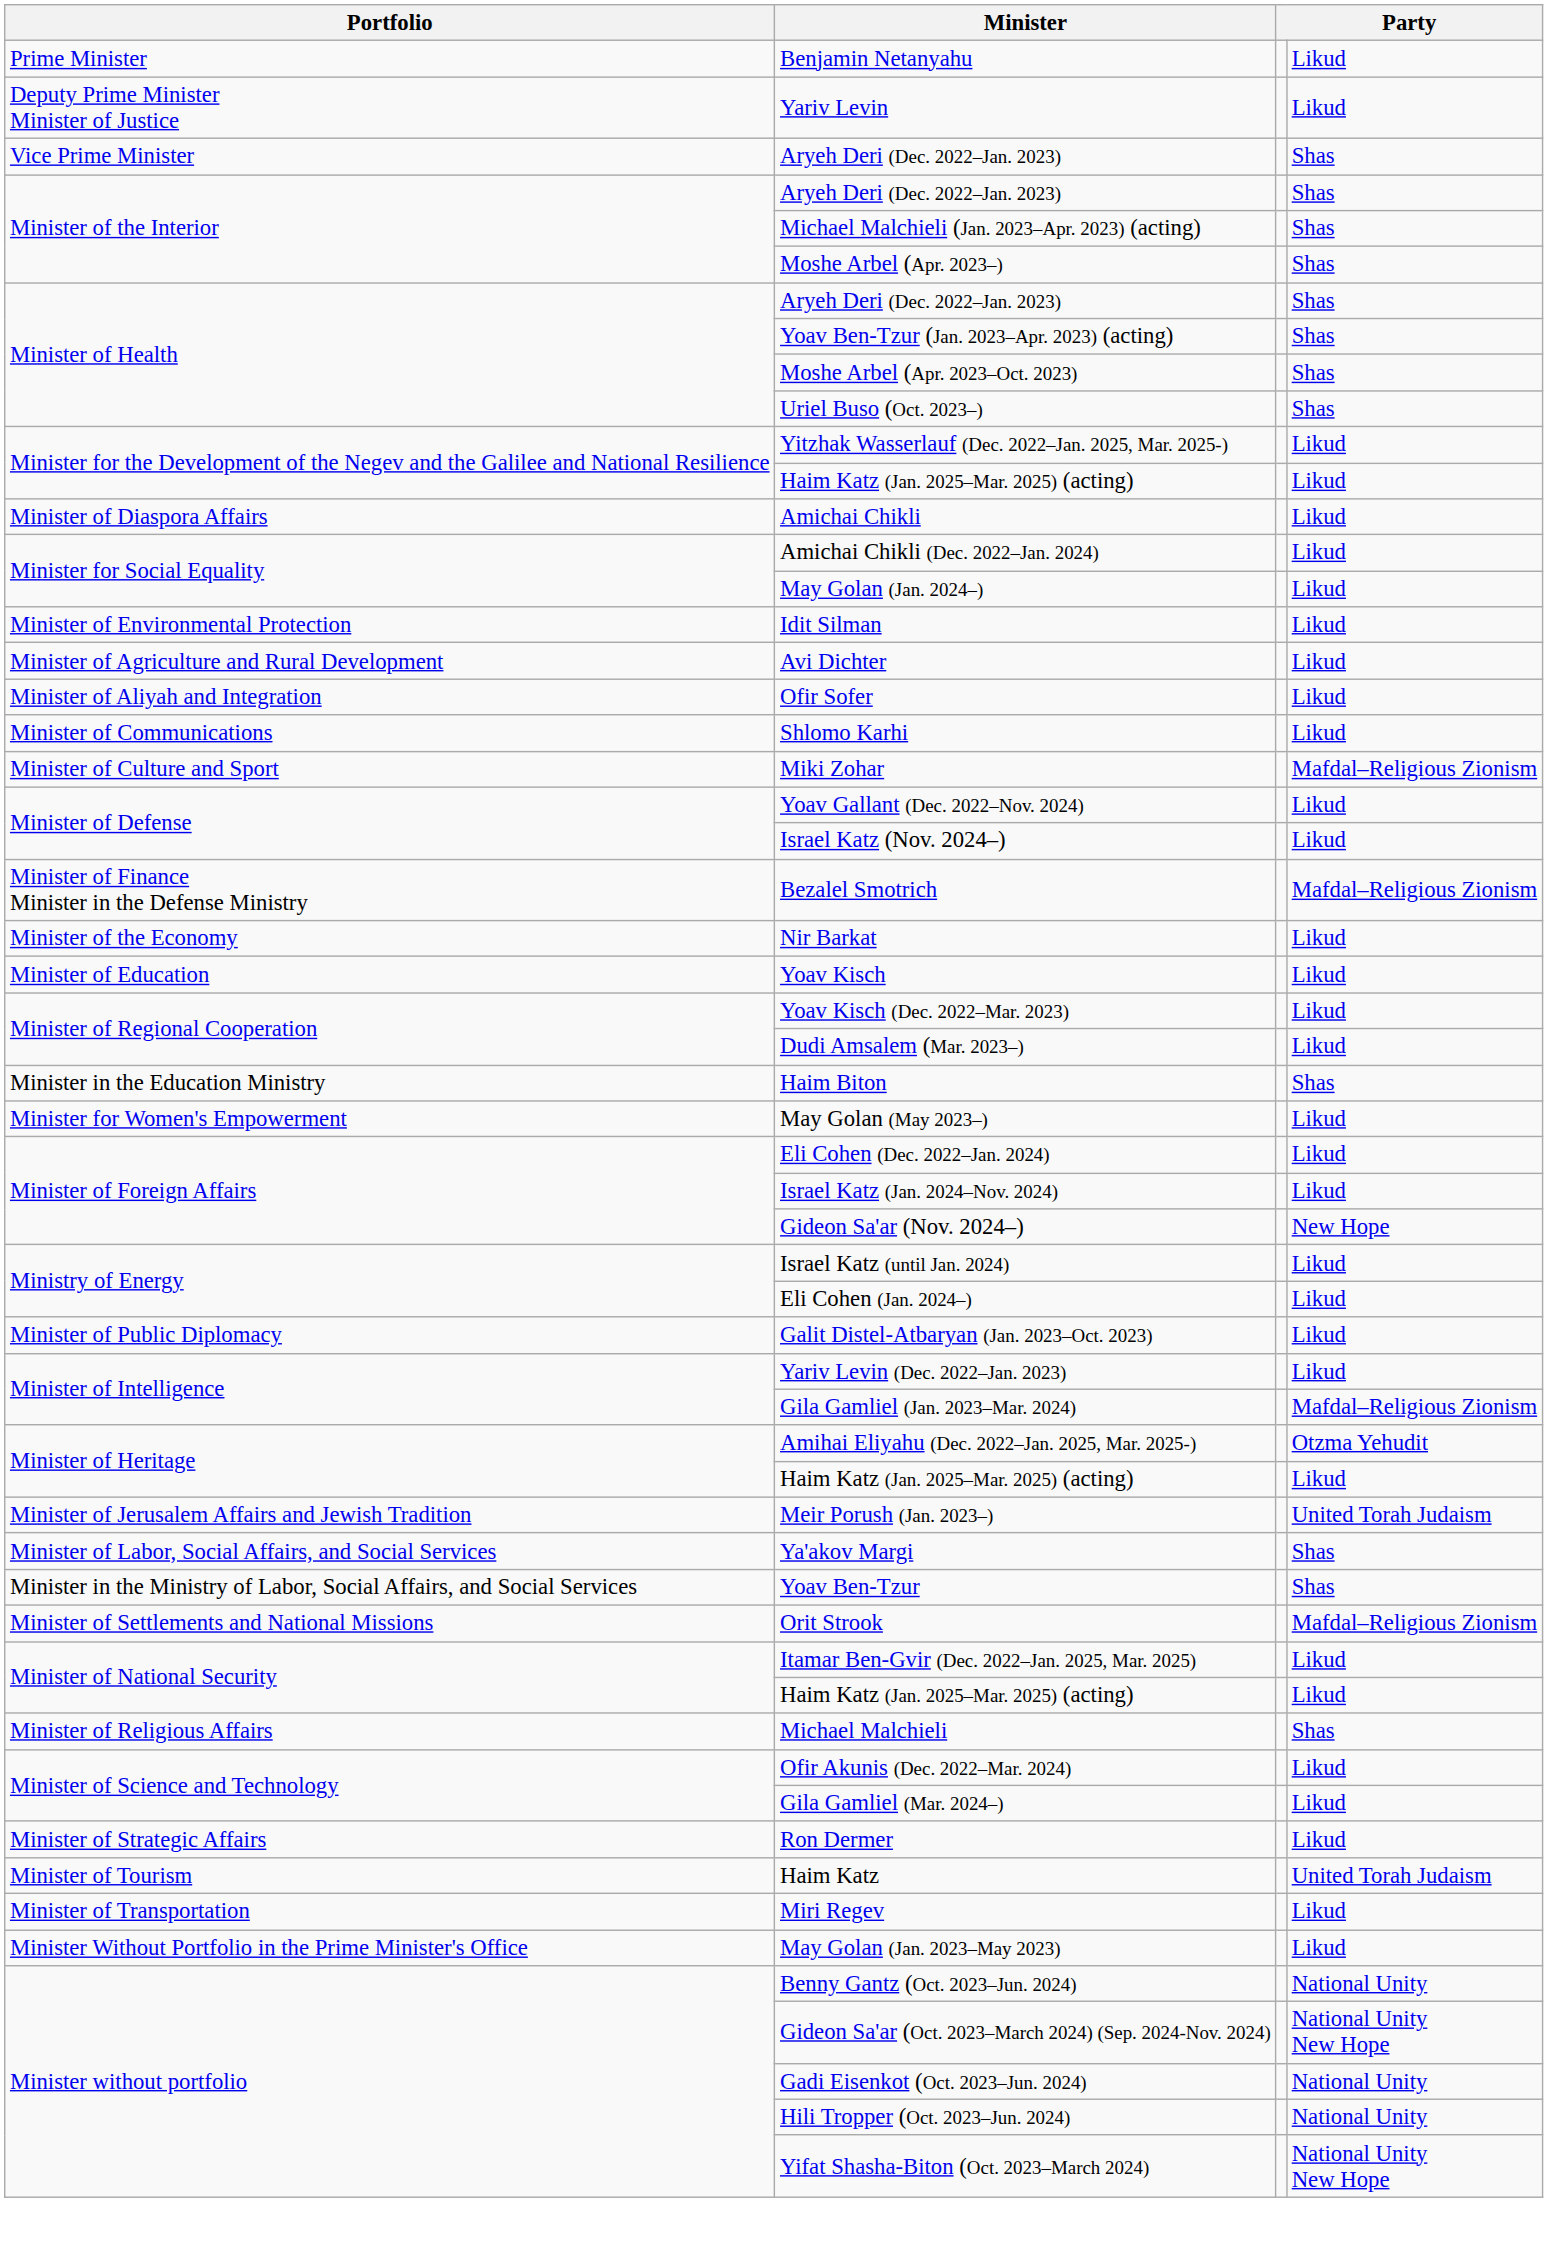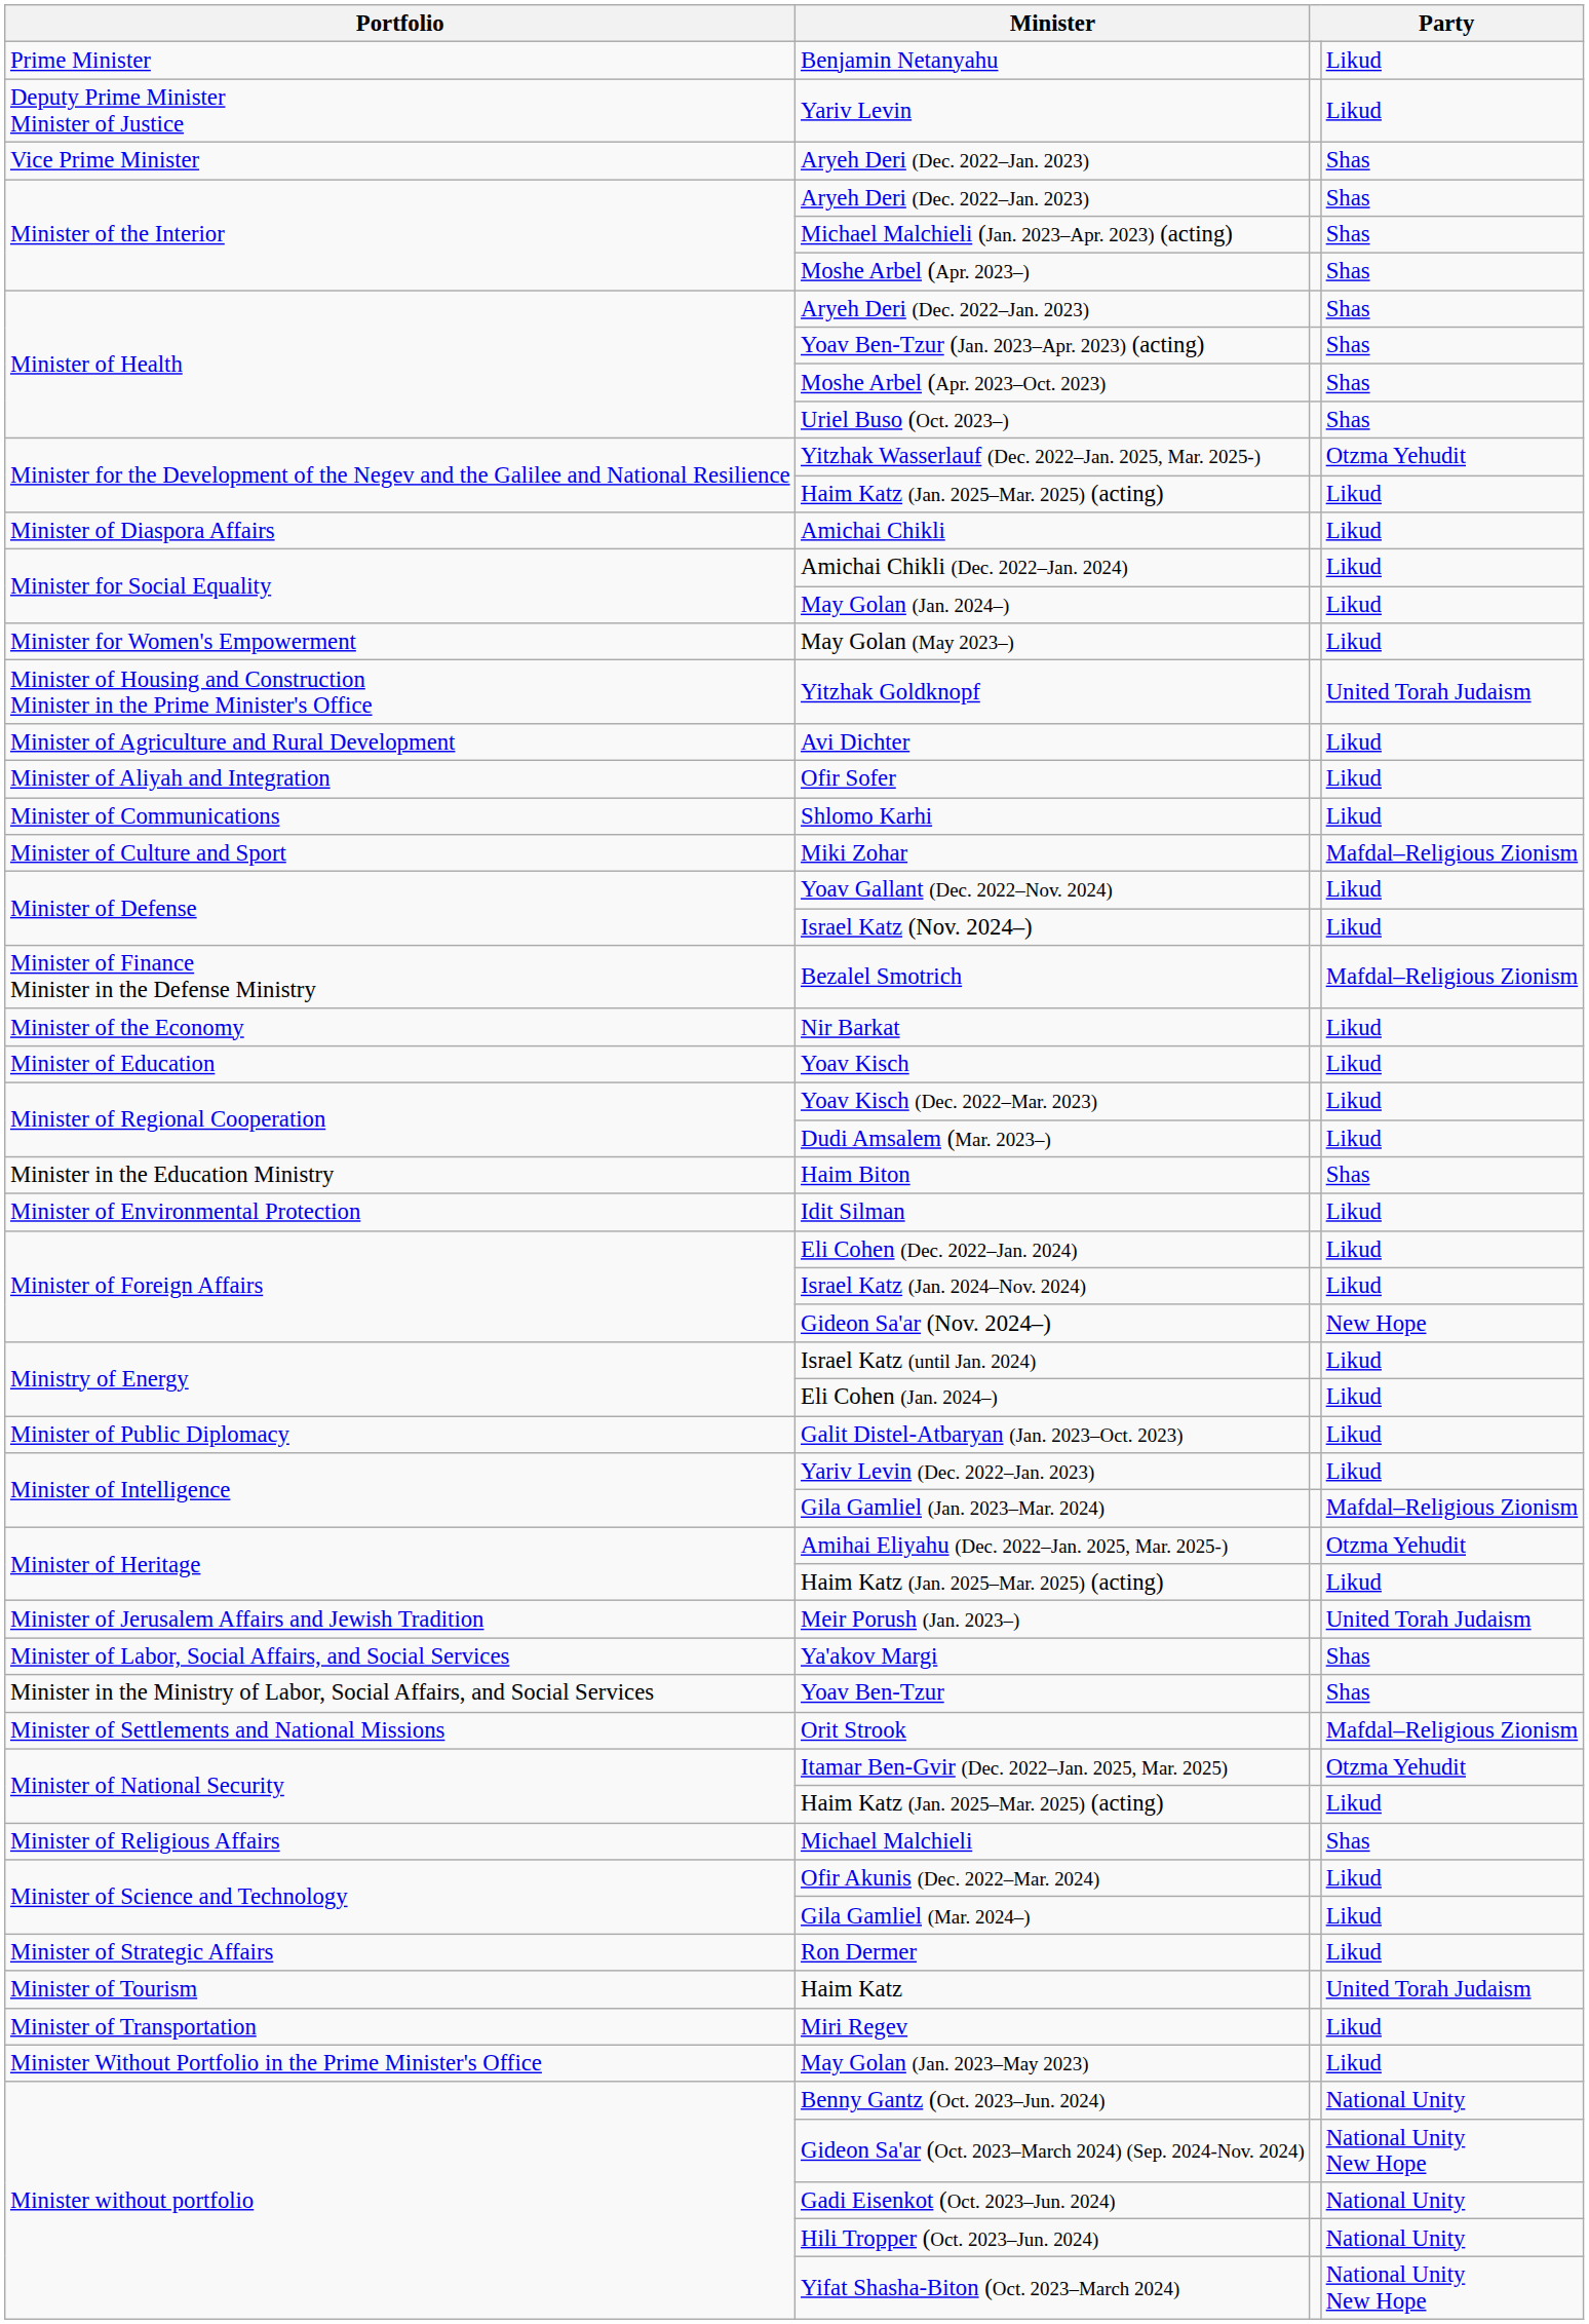 <table class="wikitable sortable">
 <tr>
 <th>Portfolio</th>
 <th>Minister</th>
 <th colspan=2>Party</th>
 </tr>
 <tr>
 <td><a href='#'>Prime Minister</a></td>
 <td><a href='#'>Benjamin Netanyahu</a></td>
 <td bgcolor=></td>
 <td><a href='#'>Likud</a></td>
 </tr>
 <tr>
 <td><a href='#'>Deputy Prime Minister</a><br><a href='#'>Minister of Justice</a></td>
 <td><a href='#'>Yariv Levin</a></td>
 <td bgcolor=></td>
 <td><a href='#'>Likud</a></td>
 </tr>
 <tr>
 <td><a href='#'>Vice Prime Minister</a></td>
 <td><a href='#'>Aryeh Deri</a> <small>(Dec. 2022–Jan. 2023)</small></td>
 <td bgcolor=></td>
 <td><a href='#'>Shas</a></td>
 </tr>
 <tr>
 <td rowspan="3"><a href='#'>Minister of the Interior</a></td>
 <td><a href='#'>Aryeh Deri</a> <small>(Dec. 2022–Jan. 2023)</small></td>
 <td bgcolor=></td>
 <td><a href='#'>Shas</a></td>
 </tr>
 <tr>
 <td><a href='#'>Michael Malchieli</a> (<small>Jan. 2023–Apr. 2023)</small> (acting)</td>
 <td bgcolor=></td>
 <td><a href='#'>Shas</a></td>
 </tr>
 <tr>
 <td><a href='#'>Moshe Arbel</a> (<small>Apr. 2023–)</small></td>
 <td bgcolor=></td>
 <td><a href='#'>Shas</a></td>
 </tr>
 <tr>
 <td rowspan="4"><a href='#'>Minister of Health</a></td>
 <td><a href='#'>Aryeh Deri</a> <small>(Dec. 2022–Jan. 2023)</small></td>
 <td></td>
 <td><a href='#'>Shas</a></td>
 </tr>
 <tr>
 <td><a href='#'>Yoav Ben-Tzur</a> (<small>Jan. 2023–Apr. 2023)</small> (acting)</td>
 <td></td>
 <td><a href='#'>Shas</a></td>
 </tr>
 <tr>
 <td><a href='#'>Moshe Arbel</a> (<small>Apr. 2023–Oct. 2023)</small></td>
 <td bgcolor=></td>
 <td><a href='#'>Shas</a></td>
 </tr>
 <tr>
 <td><a href='#'>Uriel Buso</a> (<small>Oct. 2023–)</small></td>
 <td bgcolor=></td>
 <td><a href='#'>Shas</a></td>
 </tr>
 <tr>
 <td rowspan="2"><a href='#'>Minister for the Development of the Negev and the Galilee and National Resilience</a></td>
 <td><a href='#'>Yitzhak Wasserlauf</a> <small>(Dec. 2022–Jan. 2025, Mar. 2025-)</small></td>
 <td bgcolor=></td>
-<td><a href='#'>Likud</a></td>
+<td><a href='#'>Otzma Yehudit</a></td>
 </tr>
 <tr>
 <td><a href='#'>Haim Katz</a> <small>(Jan. 2025–Mar. 2025)</small> (acting)</td>
 <td></td>
 <td><a href='#'>Likud</a></td>
 </tr>
 <tr>
 <td><a href='#'>Minister of Diaspora Affairs</a></td>
 <td><a href='#'>Amichai Chikli</a></td>
 <td bgcolor=></td>
 <td><a href='#'>Likud</a></td>
 </tr>
 <tr>
 <td rowspan="2"><a href='#'>Minister for Social Equality</a></td>
 <td>Amichai Chikli <small>(Dec. 2022–Jan. 2024)</small></td>
 <td bgcolor=></td>
 <td><a href='#'>Likud</a></td>
 </tr>
 <tr>
 <td><a href='#'>May Golan</a> <small>(Jan. 2024–)</small></td>
 <td bgcolor=></td>
 <td><a href='#'>Likud</a></td>
 </tr>
 <tr>
-<td><a href='#'>Minister of Environmental Protection</a></td>
-<td><a href='#'>Idit Silman</a></td>
+<td><a href='#'>Minister for Women's Empowerment</a></td>
+<td>May Golan <small>(May 2023–)</small></td>
 <td bgcolor=></td>
 <td><a href='#'>Likud</a></td>
+</tr>
+<tr>
+<td><a href='#'>Minister of Housing and Construction</a><br><a href='#'>Minister in the Prime Minister's Office</a></td>
+<td><a href='#'>Yitzhak Goldknopf</a></td>
+<td bgcolor=></td>
+<td><a href='#'>United Torah Judaism</a></td>
 </tr>
 <tr>
 <td><a href='#'>Minister of Agriculture and Rural Development</a></td>
 <td><a href='#'>Avi Dichter</a></td>
 <td bgcolor=></td>
 <td><a href='#'>Likud</a></td>
 </tr>
 <tr>
 <td><a href='#'>Minister of Aliyah and Integration</a></td>
 <td><a href='#'>Ofir Sofer</a></td>
 <td></td>
 <td><a href='#'>Likud</a></td>
 </tr>
 <tr>
 <td><a href='#'>Minister of Communications</a></td>
 <td><a href='#'>Shlomo Karhi</a></td>
 <td bgcolor=></td>
 <td><a href='#'>Likud</a></td>
 </tr>
 <tr>
 <td><a href='#'>Minister of Culture and Sport</a></td>
 <td><a href='#'>Miki Zohar</a></td>
 <td bgcolor=></td>
 <td><a href='#'>Mafdal–Religious Zionism</a></td>
 </tr>
 <tr>
 <td rowspan="2"><a href='#'>Minister of Defense</a></td>
 <td><a href='#'>Yoav Gallant</a> <small>(Dec. 2022–Nov. 2024)</small></td>
 <td></td>
 <td><a href='#'>Likud</a></td>
 </tr>
 <tr>
 <td><a href='#'>Israel Katz</a> (Nov. 2024–)</td>
 <td></td>
 <td><a href='#'>Likud</a></td>
 </tr>
 <tr>
 <td><a href='#'>Minister of Finance</a><br>Minister in the Defense Ministry</td>
 <td><a href='#'>Bezalel Smotrich</a></td>
 <td bgcolor=></td>
 <td><a href='#'>Mafdal–Religious Zionism</a></td>
 </tr>
 <tr>
 <td><a href='#'>Minister of the Economy</a></td>
 <td><a href='#'>Nir Barkat</a></td>
 <td bgcolor=></td>
 <td><a href='#'>Likud</a></td>
 </tr>
 <tr>
 <td><a href='#'>Minister of Education</a></td>
 <td><a href='#'>Yoav Kisch</a></td>
 <td bgcolor=></td>
 <td><a href='#'>Likud</a></td>
 </tr>
 <tr>
 <td rowspan="2"><a href='#'>Minister of Regional Cooperation</a></td>
 <td><a href='#'>Yoav Kisch</a> <small>(Dec. 2022–Mar. 2023)</small></td>
 <td bgcolor=></td>
 <td><a href='#'>Likud</a></td>
 </tr>
 <tr>
 <td><a href='#'>Dudi Amsalem</a> (<small>Mar. 2023–)</small></td>
 <td bgcolor=></td>
 <td><a href='#'>Likud</a></td>
 </tr>
 <tr>
 <td>Minister in the Education Ministry</td>
 <td><a href='#'>Haim Biton</a></td>
 <td bgcolor=></td>
 <td><a href='#'>Shas</a></td>
 </tr>
 <tr>
-<td><a href='#'>Minister for Women's Empowerment</a></td>
-<td>May Golan <small>(May 2023–)</small></td>
+<td><a href='#'>Minister of Environmental Protection</a></td>
+<td><a href='#'>Idit Silman</a></td>
 <td bgcolor=></td>
 <td><a href='#'>Likud</a></td>
 </tr>
 <tr>
 <td rowspan="3"><a href='#'>Minister of Foreign Affairs</a></td>
 <td><a href='#'>Eli Cohen</a> <small>(Dec. 2022–Jan. 2024)</small></td>
 <td bgcolor=></td>
 <td><a href='#'>Likud</a></td>
 </tr>
 <tr>
 <td><a href='#'>Israel Katz</a> <small>(Jan. 2024–Nov. 2024)</small></td>
 <td bgcolor=></td>
 <td><a href='#'>Likud</a></td>
 </tr>
 <tr>
 <td><a href='#'>Gideon Sa'ar</a> (Nov. 2024–)</td>
 <td bgcolor=></td>
 <td><a href='#'>New Hope</a></td>
 </tr>
 <tr>
 <td rowspan="2"><a href='#'>Ministry of Energy</a></td>
 <td>Israel Katz <small>(until Jan. 2024)</small></td>
 <td bgcolor=></td>
 <td><a href='#'>Likud</a></td>
 </tr>
 <tr>
 <td>Eli Cohen <small>(Jan. 2024–)</small></td>
 <td bgcolor=></td>
 <td><a href='#'>Likud</a></td>
 </tr>
 <tr>
 <td><a href='#'>Minister of Public Diplomacy</a></td>
 <td><a href='#'>Galit Distel-Atbaryan</a> <small>(Jan. 2023–Oct. 2023)</small></td>
 <td bgcolor=></td>
 <td><a href='#'>Likud</a></td>
 </tr>
 <tr>
 <td rowspan="2"><a href='#'>Minister of Intelligence</a></td>
 <td><a href='#'>Yariv Levin</a> <small>(Dec. 2022–Jan. 2023)</small></td>
 <td bgcolor=></td>
 <td><a href='#'>Likud</a></td>
 </tr>
 <tr>
 <td><a href='#'>Gila Gamliel</a> <small>(Jan. 2023–Mar. 2024)</small></td>
 <td></td>
 <td><a href='#'>Mafdal–Religious Zionism</a></td>
 </tr>
 <tr>
 <td rowspan="2"><a href='#'>Minister of Heritage</a></td>
 <td><a href='#'>Amihai Eliyahu</a> <small>(Dec. 2022–Jan. 2025, Mar. 2025-)</small></td>
 <td bgcolor=></td>
 <td><a href='#'>Otzma Yehudit</a></td>
 </tr>
 <tr>
 <td>Haim Katz <small>(Jan. 2025–Mar. 2025)</small> (acting)</td>
 <td bgcolor=></td>
 <td><a href='#'>Likud</a></td>
 </tr>
 <tr>
 <td><a href='#'>Minister of Jerusalem Affairs and Jewish Tradition</a></td>
 <td><a href='#'>Meir Porush</a> <small>(Jan. 2023–)</small></td>
 <td></td>
 <td><a href='#'>United Torah Judaism</a></td>
 </tr>
 <tr>
 <td><a href='#'>Minister of Labor, Social Affairs, and Social Services</a></td>
 <td><a href='#'>Ya'akov Margi</a></td>
 <td bgcolor=></td>
 <td><a href='#'>Shas</a></td>
 </tr>
 <tr>
 <td>Minister in the Ministry of Labor, Social Affairs, and Social Services</td>
 <td><a href='#'>Yoav Ben-Tzur</a></td>
 <td bgcolor=></td>
 <td><a href='#'>Shas</a></td>
 </tr>
 <tr>
 <td><a href='#'>Minister of Settlements and National Missions</a></td>
 <td><a href='#'>Orit Strook</a></td>
 <td bgcolor=></td>
 <td><a href='#'>Mafdal–Religious Zionism</a></td>
 </tr>
 <tr>
 <td rowspan="2"><a href='#'>Minister of National Security</a></td>
 <td><a href='#'>Itamar Ben-Gvir</a> <small>(Dec. 2022–Jan. 2025, Mar. 2025)</small></td>
 <td bgcolor=></td>
-<td><a href='#'>Likud</a></td>
+<td><a href='#'>Otzma Yehudit</a></td>
 </tr>
 <tr>
 <td>Haim Katz <small>(Jan. 2025–Mar. 2025)</small> (acting)</td>
 <td bgcolor=></td>
 <td><a href='#'>Likud</a></td>
 </tr>
 <tr>
 <td><a href='#'>Minister of Religious Affairs</a></td>
 <td><a href='#'>Michael Malchieli</a></td>
 <td bgcolor=></td>
 <td><a href='#'>Shas</a></td>
 </tr>
 <tr>
 <td rowspan="2"><a href='#'>Minister of Science and Technology</a></td>
 <td><a href='#'>Ofir Akunis</a> <small>(Dec. 2022–Mar. 2024)</small></td>
 <td></td>
 <td><a href='#'>Likud</a></td>
 </tr>
 <tr>
 <td><a href='#'>Gila Gamliel</a> <small>(Mar. 2024–)</small></td>
 <td bgcolor=></td>
 <td><a href='#'>Likud</a></td>
 </tr>
 <tr>
 <td><a href='#'>Minister of Strategic Affairs</a></td>
 <td><a href='#'>Ron Dermer</a></td>
 <td bgcolor=></td>
 <td><a href='#'>Likud</a></td>
 </tr>
 <tr>
 <td><a href='#'>Minister of Tourism</a></td>
 <td>Haim Katz</td>
 <td></td>
 <td><a href='#'>United Torah Judaism</a></td>
 </tr>
 <tr>
 <td><a href='#'>Minister of Transportation</a></td>
 <td><a href='#'>Miri Regev</a></td>
 <td bgcolor=></td>
 <td><a href='#'>Likud</a></td>
 </tr>
 <tr>
 <td><a href='#'>Minister Without Portfolio in the Prime Minister's Office</a></td>
 <td><a href='#'>May Golan</a> <small>(Jan. 2023–May 2023)</small></td>
 <td></td>
 <td><a href='#'>Likud</a></td>
 </tr>
 <tr>
 <td rowspan="5"><a href='#'>Minister without portfolio</a></td>
 <td><a href='#'>Benny Gantz</a> (<small>Oct. 2023–Jun. 2024)</small></td>
 <td bgcolor=></td>
 <td><a href='#'>National Unity</a></td>
 </tr>
 <tr>
 <td><a href='#'>Gideon Sa'ar</a> (<small>Oct. 2023–March 2024) (Sep. 2024-Nov. 2024)</small></td>
 <td bgcolor=></td>
 <td><a href='#'>National Unity</a><br><a href='#'>New Hope</a></td>
 </tr>
 <tr>
 <td><a href='#'>Gadi Eisenkot</a> (<small>Oct. 2023–Jun. 2024)</small></td>
 <td></td>
 <td><a href='#'>National Unity</a></td>
 </tr>
 <tr>
 <td><a href='#'>Hili Tropper</a> (<small>Oct. 2023–Jun. 2024)</small></td>
 <td bgcolor=></td>
 <td><a href='#'>National Unity</a></td>
 </tr>
 <tr>
 <td><a href='#'>Yifat Shasha-Biton</a> (<small>Oct. 2023–March 2024)</small></td>
 <td bgcolor=></td>
 <td><a href='#'>National Unity</a><br><a href='#'>New Hope</a></td>
 </tr>
 </table>
